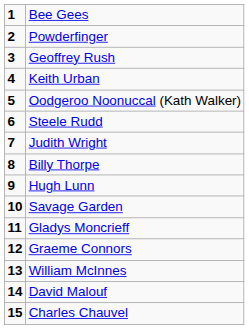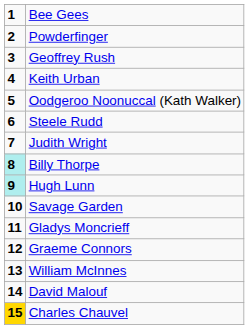 <table class="wikitable">
 <tr>
 <td><strong>1</strong></td>
 <td><a href='#'>Bee Gees</a></td>
 </tr>
 <tr>
 <td><strong>2</strong></td>
 <td><a href='#'>Powderfinger</a></td>
 </tr>
 <tr>
 <td><strong>3</strong></td>
 <td><a href='#'>Geoffrey Rush</a></td>
 </tr>
 <tr>
 <td><strong>4</strong></td>
 <td><a href='#'>Keith Urban</a></td>
 </tr>
 <tr>
 <td><strong>5</strong></td>
 <td><a href='#'>Oodgeroo Noonuccal</a> (Kath Walker)</td>
 </tr>
 <tr>
 <td><strong>6</strong></td>
 <td><a href='#'>Steele Rudd</a></td>
 </tr>
 <tr>
 <td><strong>7</strong></td>
 <td><a href='#'>Judith Wright</a></td>
 </tr>
 <tr>
-<td><strong>8</strong></td>
+<td style="background: paleturquoise;"><strong>8</strong></td>
 <td><a href='#'>Billy Thorpe</a></td>
 </tr>
 <tr>
-<td><strong>9</strong></td>
+<td style="background: paleturquoise;"><strong>9</strong></td>
 <td><a href='#'>Hugh Lunn</a></td>
 </tr>
 <tr>
 <td><strong>10</strong></td>
 <td><a href='#'>Savage Garden</a></td>
 </tr>
 <tr>
 <td><strong>11</strong></td>
 <td><a href='#'>Gladys Moncrieff</a></td>
 </tr>
 <tr>
 <td><strong>12</strong></td>
 <td><a href='#'>Graeme Connors</a></td>
 </tr>
 <tr>
 <td><strong>13</strong></td>
 <td><a href='#'>William McInnes</a></td>
 </tr>
 <tr>
 <td><strong>14</strong></td>
 <td><a href='#'>David Malouf</a></td>
 </tr>
 <tr>
-<td><strong>15</strong></td>
+<td style="background: gold;"><strong>15</strong></td>
 <td><a href='#'>Charles Chauvel</a></td>
 </tr>
 </table>
